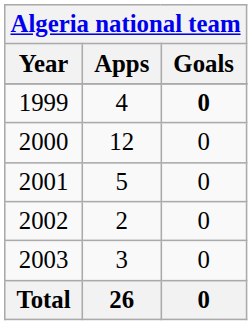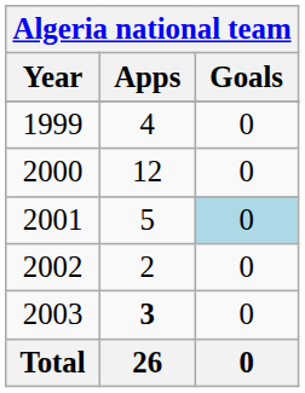 <table class="wikitable" style="text-align:center">
 <tr>
 <th colspan=3><a href='#'>Algeria national team</a></th>
 </tr>
 <tr>
 <th>Year</th>
 <th>Apps</th>
 <th>Goals</th>
 </tr>
 <tr>
 </tr>
 <tr>
 <td>1999</td>
 <td>4</td>
-<td><strong>0</strong></td>
+<td>0</td>
 </tr>
 <tr>
 <td>2000</td>
 <td>12</td>
 <td>0</td>
 </tr>
 <tr>
 <td>2001</td>
 <td>5</td>
-<td>0</td>
+<td style="background: lightblue;">0</td>
 </tr>
 <tr>
 <td>2002</td>
 <td>2</td>
 <td>0</td>
 </tr>
 <tr>
 <td>2003</td>
-<td>3</td>
+<td><strong>3</strong></td>
 <td>0</td>
 </tr>
 <tr>
 <th>Total</th>
 <th>26</th>
 <th>0</th>
 </tr>
 </table>
